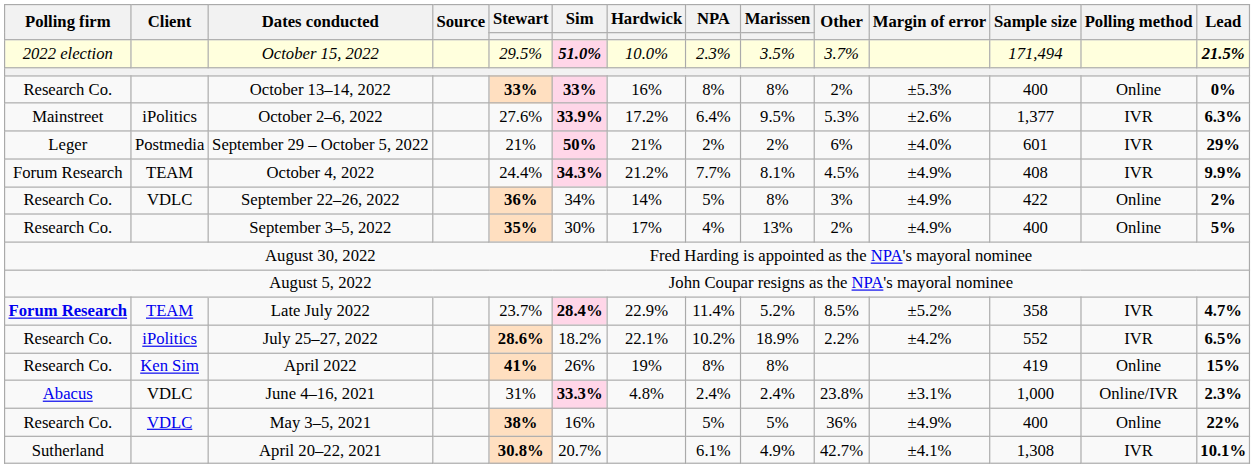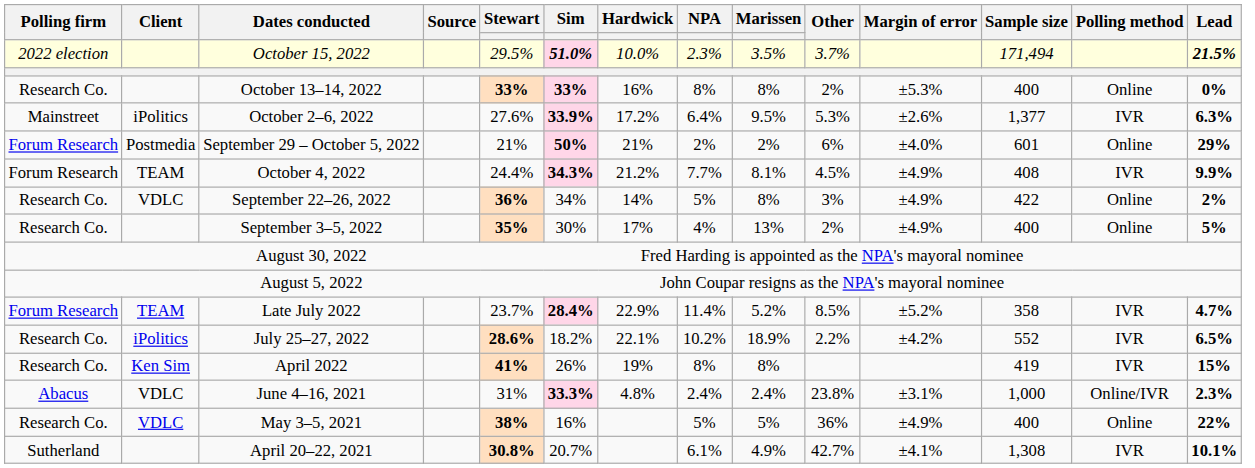 <table class="wikitable sortable mw-datatable" style="text-align:center; font-size:89%">
 <tr>
 <th rowspan="2">Polling firm</th>
 <th rowspan="2">Client</th>
 <th rowspan="2">Dates conducted</th>
 <th rowspan="2" !style="width:10px;">Source</th>
 <th style="width:40px;">Stewart</th>
 <th style="width:40px;">Sim</th>
 <th style="width:40px;">Hardwick</th>
 <th style="width:40px;">NPA</th>
 <th style="width:40px;">Marissen</th>
 <th rowspan="2" style="width:40px;">Other</th>
 <th rowspan="2">Margin of error</th>
 <th rowspan="2">Sample size</th>
 <th rowspan="2">Polling method</th>
 <th rowspan="2" style="width:20px;">Lead</th>
 </tr>
 <tr class="sorttop">
 <th style="background:"></th>
 <th style="background:"></th>
 <th style="background:"></th>
 <th style="background:"></th>
 <th style="background:"></th>
 </tr>
 <tr style="background:#ffd;">
 <td><em>2022 election</em></td>
 <td></td>
 <td><em>October 15, 2022</em></td>
 <td></td>
 <td><em>29.5%</em></td>
 <td style="background:#FFD6E8;"><strong><em>51.0%</em></strong></td>
 <td><em>10.0%</em></td>
 <td><em>2.3%</em></td>
 <td><em>3.5%</em></td>
 <td><em>3.7%</em></td>
 <td></td>
 <td><em>171,494</em></td>
 <td></td>
 <td style="background:"><strong><em>21.5%</em></strong></td>
 </tr>
 <tr>
 <th colspan="14"></th>
 </tr>
 <tr>
 <td>Research Co.</td>
 <td></td>
 <td>October 13–14, 2022</td>
 <td></td>
 <td style="background:#ffdfc0;"><strong>33%</strong></td>
 <td style="background:#FFD6E8;"><strong>33%</strong></td>
 <td>16%</td>
 <td>8%</td>
 <td>8%</td>
 <td>2%</td>
 <td>±5.3%</td>
 <td>400</td>
 <td>Online</td>
 <td><strong>0%</strong></td>
 </tr>
 <tr>
 <td>Mainstreet</td>
 <td>iPolitics</td>
 <td>October 2–6, 2022</td>
 <td></td>
 <td>27.6%</td>
 <td style="background:#FFD6E8;"><strong>33.9%</strong></td>
 <td>17.2%</td>
 <td>6.4%</td>
 <td>9.5%</td>
 <td>5.3%</td>
 <td>±2.6%</td>
 <td>1,377</td>
 <td>IVR</td>
 <td style="background:"><strong>6.3%</strong></td>
 </tr>
 <tr>
-<td>Leger</td>
+<td><a href='#'>Forum Research</a></td>
 <td>Postmedia</td>
 <td>September 29 – October 5, 2022</td>
 <td></td>
 <td>21%</td>
 <td style="background:#FFD6E8;"><strong>50%</strong></td>
 <td>21%</td>
 <td>2%</td>
 <td>2%</td>
 <td>6%</td>
 <td>±4.0%</td>
 <td>601</td>
-<td>IVR</td>
+<td>Online</td>
 <td style="background:"><strong>29%</strong></td>
 </tr>
 <tr>
 <td>Forum Research</td>
 <td>TEAM</td>
 <td>October 4, 2022</td>
 <td></td>
 <td>24.4%</td>
 <td style="background:#FFD6E8;"><strong>34.3%</strong></td>
 <td>21.2%</td>
 <td>7.7%</td>
 <td>8.1%</td>
 <td>4.5%</td>
 <td>±4.9%</td>
 <td>408</td>
 <td>IVR</td>
 <td style="background:"><strong>9.9%</strong></td>
 </tr>
 <tr>
 <td>Research Co.</td>
 <td>VDLC</td>
 <td>September 22–26, 2022</td>
 <td></td>
 <td style="background:#ffdfc0;"><strong>36%</strong></td>
 <td>34%</td>
 <td>14%</td>
 <td>5%</td>
 <td>8%</td>
 <td>3%</td>
 <td>±4.9%</td>
 <td>422</td>
 <td>Online</td>
 <td style="background:"><strong>2%</strong></td>
 </tr>
 <tr>
 <td>Research Co.</td>
 <td></td>
 <td>September 3–5, 2022</td>
 <td></td>
 <td style="background:#ffdfc0;"><strong>35%</strong></td>
 <td>30%</td>
 <td>17%</td>
 <td>4%</td>
 <td>13%</td>
 <td>2%</td>
 <td>±4.9%</td>
 <td>400</td>
 <td>Online</td>
 <td style="background:"><strong>5%</strong></td>
 </tr>
 <tr>
 <td colspan="2" style="border-right-style:hidden;"></td>
 <td style="border-right-style:hidden;" data-sort-value="2022-08-30">August 30, 2022</td>
 <td colspan="14">Fred Harding is appointed as the <a href='#'>NPA</a>'s mayoral nominee</td>
 </tr>
 <tr>
 <td colspan="2" style="border-right-style:hidden;"></td>
 <td style="border-right-style:hidden;" data-sort-value="2022-08-05">August 5, 2022</td>
 <td colspan="14">John Coupar resigns as the <a href='#'>NPA</a>'s mayoral nominee</td>
 </tr>
 <tr>
-<td><strong><a href='#'>Forum Research</a></strong></td>
+<td><a href='#'>Forum Research</a></td>
 <td><a href='#'>TEAM</a></td>
 <td>Late July 2022</td>
 <td></td>
 <td>23.7%</td>
 <td style="background:#FFD6E8;"><strong>28.4%</strong></td>
 <td>22.9%</td>
 <td>11.4%</td>
 <td>5.2%</td>
 <td>8.5%</td>
 <td>±5.2%</td>
 <td>358</td>
 <td>IVR</td>
 <td style="background:"><strong>4.7%</strong></td>
 </tr>
 <tr>
 <td>Research Co.</td>
 <td><a href='#'>iPolitics</a></td>
 <td>July 25–27, 2022</td>
 <td></td>
 <td style="background:#ffdfc0;"><strong>28.6%</strong></td>
 <td>18.2%</td>
 <td>22.1%</td>
 <td>10.2%</td>
 <td>18.9%</td>
 <td>2.2%</td>
 <td>±4.2%</td>
 <td>552</td>
 <td>IVR</td>
 <td style="background:"><strong>6.5%</strong></td>
 </tr>
 <tr>
 <td>Research Co.</td>
 <td><a href='#'>Ken Sim</a></td>
 <td>April 2022</td>
 <td></td>
 <td style="background:#ffdfc0;"><strong>41%</strong></td>
 <td>26%</td>
 <td>19%</td>
 <td>8%</td>
 <td>8%</td>
 <td></td>
 <td></td>
 <td>419</td>
-<td>Online</td>
+<td>IVR</td>
 <td style="background:"><strong>15%</strong></td>
 </tr>
 <tr>
 <td><a href='#'>Abacus</a></td>
 <td>VDLC</td>
 <td>June 4–16, 2021</td>
 <td></td>
 <td>31%</td>
 <td style="background:#FFD6E8;"><strong>33.3%</strong></td>
 <td>4.8%</td>
 <td>2.4%</td>
 <td>2.4%</td>
 <td>23.8%</td>
 <td>±3.1%</td>
 <td>1,000</td>
 <td>Online/IVR</td>
 <td style="background:"><strong>2.3%</strong></td>
 </tr>
 <tr>
 <td>Research Co.</td>
 <td><a href='#'>VDLC</a></td>
 <td>May 3–5, 2021</td>
 <td></td>
 <td style="background:#ffdfc0;"><strong>38%</strong></td>
 <td>16%</td>
 <td></td>
 <td>5%</td>
 <td>5%</td>
 <td>36%</td>
 <td>±4.9%</td>
 <td>400</td>
 <td>Online</td>
 <td style="background:"><strong>22%</strong></td>
 </tr>
 <tr>
 <td>Sutherland</td>
 <td></td>
 <td>April 20–22, 2021</td>
 <td></td>
 <td style="background:#ffdfc0;"><strong>30.8%</strong></td>
 <td>20.7%</td>
 <td></td>
 <td>6.1%</td>
 <td>4.9%</td>
 <td>42.7%</td>
 <td>±4.1%</td>
 <td>1,308</td>
 <td>IVR</td>
 <td style="background:"><strong>10.1%</strong></td>
 </tr>
 </table>
